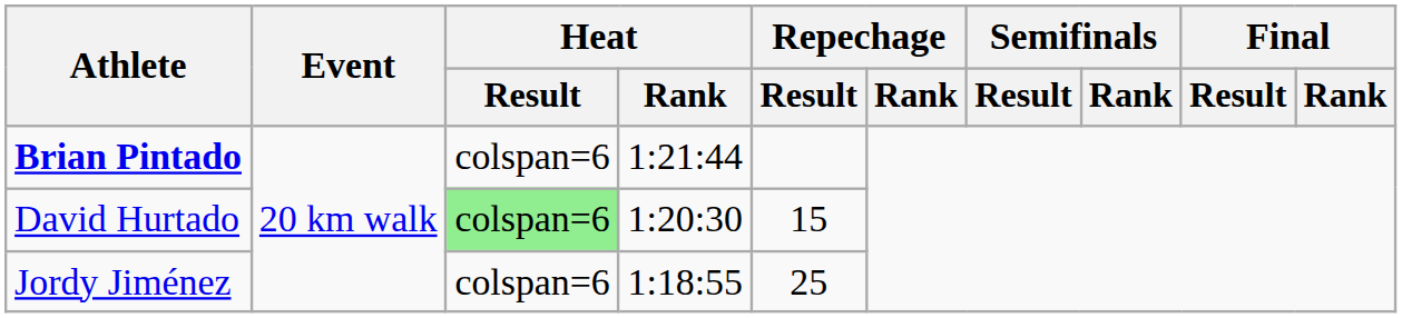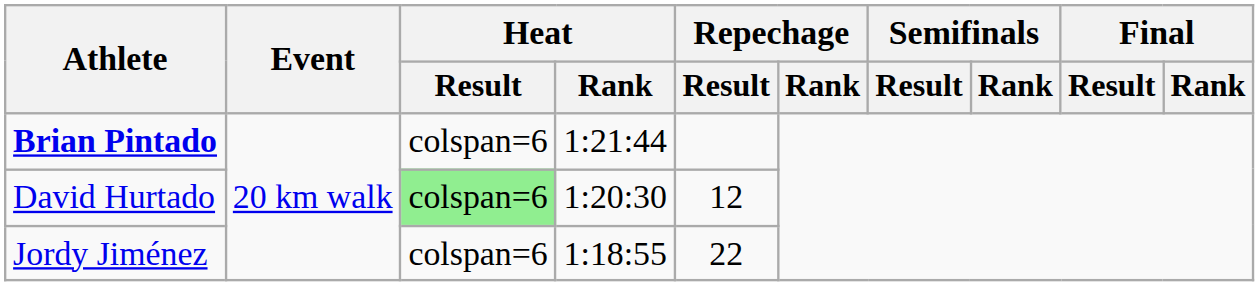 <table class="wikitable" style="font-size:90%">
 <tr>
 <th rowspan="2">Athlete</th>
 <th rowspan="2">Event</th>
 <th colspan="2">Heat</th>
 <th colspan="2">Repechage</th>
 <th colspan="2">Semifinals</th>
 <th colspan="2">Final</th>
 </tr>
 <tr style="font-size:95%">
 <th>Result</th>
 <th>Rank</th>
 <th>Result</th>
 <th>Rank</th>
 <th>Result</th>
 <th>Rank</th>
 <th>Result</th>
 <th>Rank</th>
 </tr>
 <tr align=center>
 <td align=left><strong><a href='#'>Brian Pintado</a></strong></td>
 <td align=left rowspan=3><a href='#'>20 km walk</a></td>
 <td>colspan=6 </td>
 <td>1:21:44</td>
 <td></td>
 </tr>
 <tr align=center>
 <td align=left><a href='#'>David Hurtado</a></td>
 <td style="background: lightgreen;">colspan=6 </td>
 <td>1:20:30</td>
-<td>15</td>
+<td>12</td>
 </tr>
 <tr align=center>
 <td align=left><a href='#'>Jordy Jiménez</a></td>
 <td>colspan=6 </td>
 <td>1:18:55</td>
-<td>25</td>
+<td>22</td>
 </tr>
 </table>
